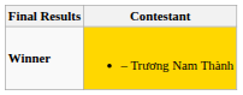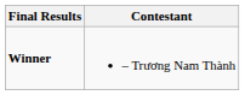 <table class="wikitable sortable" style="font-size:95%;">
 <tr>
 <th>Final Results</th>
 <th>Contestant</th>
 </tr>
 <tr>
 <td><strong>Winner</strong></td>
-<td style="background: gold;"><br><ul><li><strong></strong> – Trương Nam Thành</li></ul></td>
+<td><br><ul><li><strong></strong> – Trương Nam Thành</li></ul></td>
 </tr>
 </table>
